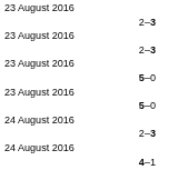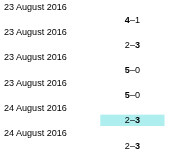 <table style="font-size:90%">
 <tr>
 <td colspan=3>23 August 2016</td>
 </tr>
 <tr>
 <td width=150 align=right><strong></strong></td>
-<td width=100 align=center>2–<strong>3</strong></td>
+<td width=100 align=center><strong>4</strong>–1</td>
 <td width=150 align=left></td>
 </tr>
 <tr>
 <td colspan=3>23 August 2016</td>
 </tr>
 <tr>
 <td width=150 align=right><strong></strong></td>
 <td width=100 align=center>2–<strong>3</strong></td>
 <td width=150 align=left></td>
 </tr>
 <tr>
 <td colspan=3>23 August 2016</td>
 </tr>
 <tr>
 <td width=150 align=right><strong></strong></td>
 <td width=100 align=center><strong>5</strong>–0</td>
 <td width=150 align=left></td>
 </tr>
 <tr>
 <td colspan=3>23 August 2016</td>
 </tr>
 <tr>
 <td width=150 align=right><strong></strong></td>
 <td width=100 align=center><strong>5</strong>–0</td>
 <td width=150 align=left></td>
 </tr>
 <tr>
 <td colspan=3>24 August 2016</td>
 </tr>
 <tr>
 <td width=150 align=right></td>
-<td width=100 align=center>2–<strong>3</strong></td>
+<td width=100 align=center style="background: paleturquoise;">2–<strong>3</strong></td>
 <td width=150 align=left><strong></strong></td>
 </tr>
 <tr>
 <td colspan=3>24 August 2016</td>
 </tr>
 <tr>
 <td width=150 align=right></td>
-<td width=100 align=center><strong>4</strong>–1</td>
+<td width=100 align=center>2–<strong>3</strong></td>
 <td width=150 align=left><strong></strong></td>
 </tr>
 </table>
